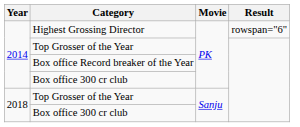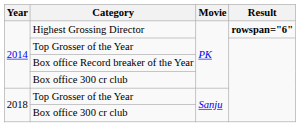 <table class="wikitable">
 <tr>
 <th>Year</th>
 <th>Category</th>
 <th>Movie</th>
 <th>Result</th>
 </tr>
 <tr>
 <td rowspan="4"><a href='#'>2014</a></td>
 <td>Highest Grossing Director</td>
 <td rowspan="4"><em><a href='#'>PK</a></em></td>
-<td>rowspan="6"</td>
+<td><strong>rowspan="6"</strong></td>
 </tr>
 <tr>
 <td>Top Grosser of the Year</td>
 </tr>
 <tr>
 <td>Box office Record breaker of the Year</td>
 </tr>
 <tr>
 <td>Box office 300 cr club</td>
 </tr>
 <tr>
 <td rowspan="2">2018</td>
 <td>Top Grosser of the Year</td>
 <td rowspan="2"><em><a href='#'>Sanju</a></em></td>
 </tr>
 <tr>
 <td>Box office 300 cr club</td>
 </tr>
 </table>
